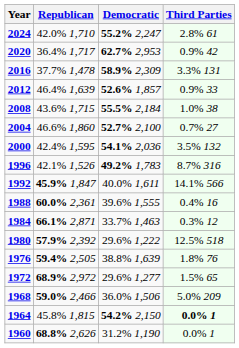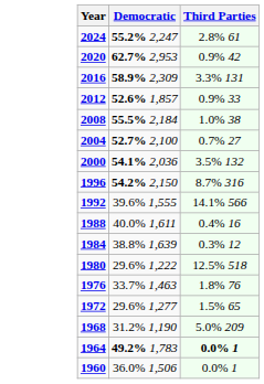 <table class="wikitable" style="float:right; margin: 1em 1em 1em 0; font-size: 95%;">
 <tr>
 <th>Year</th>
-<th><a href='#'>Republican</a></th>
 <th><a href='#'>Democratic</a></th>
 <th><a href='#'>Third Parties</a></th>
 </tr>
 <tr>
 <td style="text-align:center; "><strong><a href='#'>2024</a></strong></td>
-<td style="text-align:center; ">42.0% <em>1,710</em></td>
 <td style="text-align:center; "><strong>55.2%</strong> <em>2,247</em></td>
 <td style="text-align:center; background:honeyDew;">2.8% <em>61</em></td>
 </tr>
 <tr>
 <td style="text-align:center; "><strong><a href='#'>2020</a></strong></td>
-<td style="text-align:center; ">36.4% <em>1,717</em></td>
 <td style="text-align:center; "><strong>62.7%</strong>  <em>2,953</em></td>
 <td style="text-align:center; background:honeyDew;">0.9% <em>42</em></td>
 </tr>
 <tr>
 <td style="text-align:center; "><strong><a href='#'>2016</a></strong></td>
-<td style="text-align:center; ">37.7% <em>1,478</em></td>
 <td style="text-align:center; "><strong>58.9%</strong>  <em>2,309</em></td>
 <td style="text-align:center; background:honeyDew;">3.3% <em>131</em></td>
 </tr>
 <tr>
 <td style="text-align:center; "><strong><a href='#'>2012</a></strong></td>
-<td style="text-align:center; ">46.4% <em>1,639</em></td>
 <td style="text-align:center; "><strong>52.6%</strong>  <em>1,857</em></td>
 <td style="text-align:center; background:honeyDew;">0.9% <em>33</em></td>
 </tr>
 <tr>
 <td style="text-align:center; "><strong><a href='#'>2008</a></strong></td>
-<td style="text-align:center; ">43.6% <em>1,715</em></td>
 <td style="text-align:center; "><strong>55.5%</strong>  <em>2,184</em></td>
 <td style="text-align:center; background:honeyDew;">1.0% <em>38</em></td>
 </tr>
 <tr>
 <td style="text-align:center; "><strong><a href='#'>2004</a></strong></td>
-<td style="text-align:center; ">46.6% <em>1,860</em></td>
 <td style="text-align:center; "><strong>52.7%</strong>  <em>2,100</em></td>
 <td style="text-align:center; background:honeyDew;">0.7% <em>27</em></td>
 </tr>
 <tr>
 <td style="text-align:center; "><strong><a href='#'>2000</a></strong></td>
-<td style="text-align:center; ">42.4% <em>1,595</em></td>
 <td style="text-align:center; "><strong>54.1%</strong>  <em>2,036</em></td>
 <td style="text-align:center; background:honeyDew;">3.5% <em>132</em></td>
 </tr>
 <tr>
 <td style="text-align:center; "><strong><a href='#'>1996</a></strong></td>
-<td style="text-align:center; ">42.1% <em>1,526</em></td>
-<td style="text-align:center; "><strong>49.2%</strong>  <em>1,783</em></td>
+<td style="text-align:center; "><strong>54.2%</strong>  <em>2,150</em></td>
 <td style="text-align:center; background:honeyDew;">8.7% <em>316</em></td>
 </tr>
 <tr>
 <td style="text-align:center; "><strong><a href='#'>1992</a></strong></td>
-<td style="text-align:center; "><strong>45.9%</strong> <em>1,847</em></td>
-<td style="text-align:center; ">40.0%  <em>1,611</em></td>
+<td style="text-align:center; ">39.6%  <em>1,555</em></td>
 <td style="text-align:center; background:honeyDew;">14.1% <em>566</em></td>
 </tr>
 <tr>
 <td style="text-align:center; "><strong><a href='#'>1988</a></strong></td>
-<td style="text-align:center; "><strong>60.0%</strong> <em>2,361</em></td>
-<td style="text-align:center; ">39.6%  <em>1,555</em></td>
+<td style="text-align:center; ">40.0%  <em>1,611</em></td>
 <td style="text-align:center; background:honeyDew;">0.4% <em>16</em></td>
 </tr>
 <tr>
 <td style="text-align:center; "><strong><a href='#'>1984</a></strong></td>
-<td style="text-align:center; "><strong>66.1%</strong> <em>2,871</em></td>
-<td style="text-align:center; ">33.7%  <em>1,463</em></td>
+<td style="text-align:center; ">38.8%  <em>1,639</em></td>
 <td style="text-align:center; background:honeyDew;">0.3% <em>12</em></td>
 </tr>
 <tr>
 <td style="text-align:center; "><strong><a href='#'>1980</a></strong></td>
-<td style="text-align:center; "><strong>57.9%</strong> <em>2,392</em></td>
 <td style="text-align:center; ">29.6%  <em>1,222</em></td>
 <td style="text-align:center; background:honeyDew;">12.5% <em>518</em></td>
 </tr>
 <tr>
 <td style="text-align:center; "><strong><a href='#'>1976</a></strong></td>
-<td style="text-align:center; "><strong>59.4%</strong> <em>2,505</em></td>
-<td style="text-align:center; ">38.8%  <em>1,639</em></td>
+<td style="text-align:center; ">33.7%  <em>1,463</em></td>
 <td style="text-align:center; background:honeyDew;">1.8% <em>76</em></td>
 </tr>
 <tr>
 <td style="text-align:center; "><strong><a href='#'>1972</a></strong></td>
-<td style="text-align:center; "><strong>68.9%</strong> <em>2,972</em></td>
 <td style="text-align:center; ">29.6%  <em>1,277</em></td>
 <td style="text-align:center; background:honeyDew;">1.5% <em>65</em></td>
 </tr>
 <tr>
 <td style="text-align:center; "><strong><a href='#'>1968</a></strong></td>
-<td style="text-align:center; "><strong>59.0%</strong> <em>2,466</em></td>
-<td style="text-align:center; ">36.0%  <em>1,506</em></td>
+<td style="text-align:center; ">31.2%  <em>1,190</em></td>
 <td style="text-align:center; background:honeyDew;">5.0% <em>209</em></td>
 </tr>
 <tr>
 <td style="text-align:center; "><strong><a href='#'>1964</a></strong></td>
-<td style="text-align:center; ">45.8% <em>1,815</em></td>
-<td style="text-align:center; "><strong>54.2%</strong>  <em>2,150</em></td>
+<td style="text-align:center; "><strong>49.2%</strong>  <em>1,783</em></td>
 <td style="text-align:center; background:honeyDew;"><strong>0.0% <em>1</em></strong></td>
 </tr>
 <tr>
 <td style="text-align:center; "><strong><a href='#'>1960</a></strong></td>
-<td style="text-align:center; "><strong>68.8%</strong> <em>2,626</em></td>
-<td style="text-align:center; ">31.2%  <em>1,190</em></td>
+<td style="text-align:center; ">36.0%  <em>1,506</em></td>
 <td style="text-align:center; background:honeyDew;">0.0% <em>1</em></td>
 </tr>
 </table>
